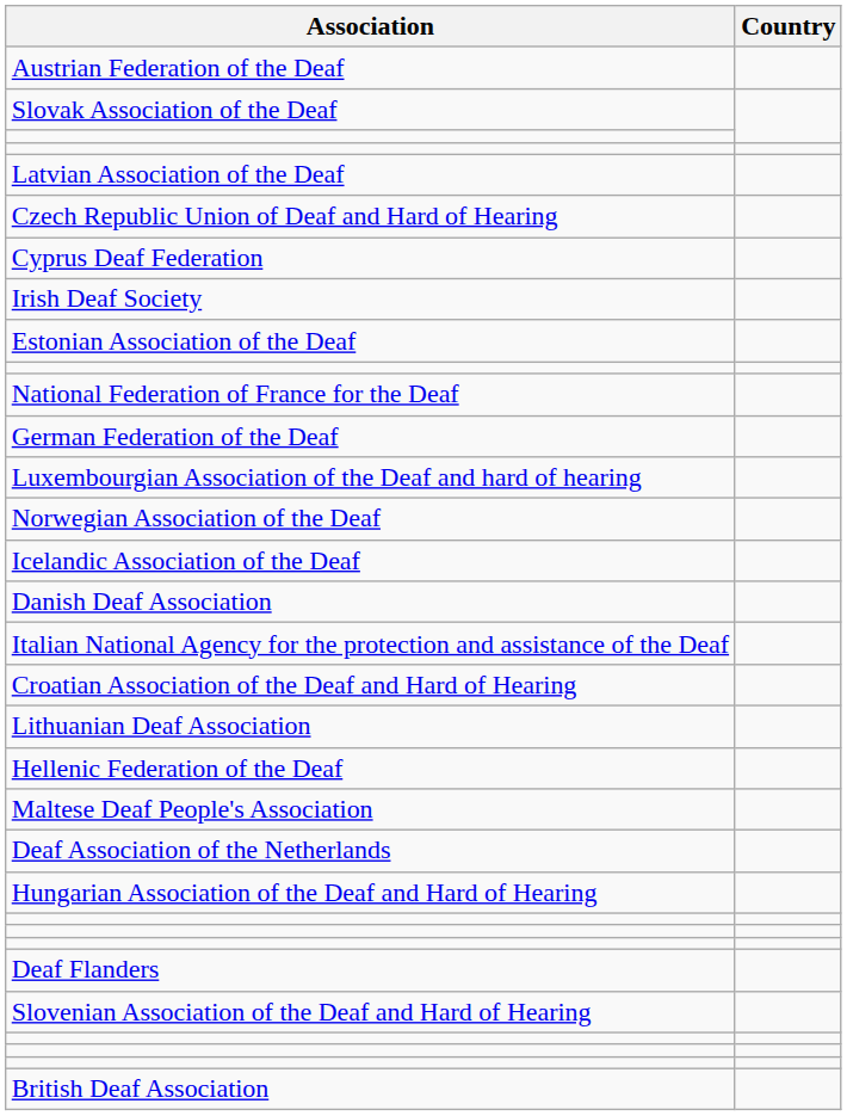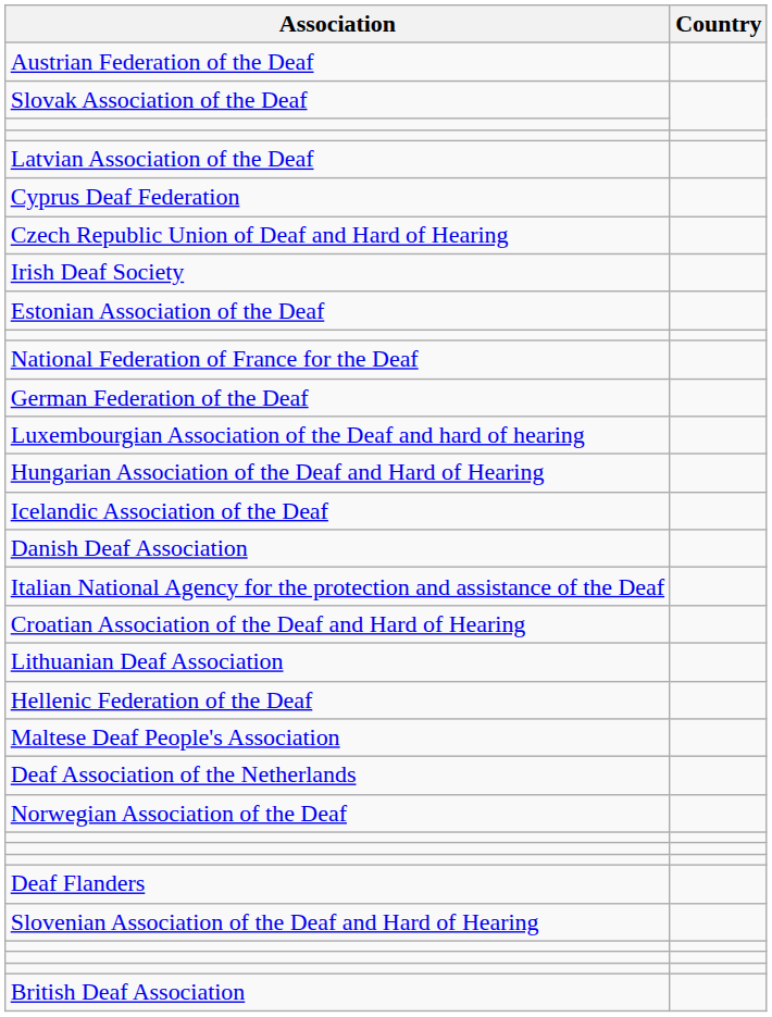 <table class="wikitable sortable">
 <tr>
 <th>Association</th>
 <th>Country</th>
 </tr>
 <tr>
 <td><a href='#'>Austrian Federation of the Deaf</a></td>
 <td></td>
 </tr>
 <tr>
 <td><a href='#'>Slovak Association of the Deaf</a></td>
 <td rowspan="2"></td>
 </tr>
 <tr>
 <td></td>
 </tr>
 <tr>
 <td></td>
 <td></td>
 </tr>
 <tr>
 <td><a href='#'>Latvian Association of the Deaf</a></td>
 <td></td>
 </tr>
 <tr>
-<td><a href='#'>Czech Republic Union of Deaf and Hard of Hearing</a></td>
+<td><a href='#'>Cyprus Deaf Federation</a></td>
 <td></td>
 </tr>
 <tr>
-<td><a href='#'>Cyprus Deaf Federation</a></td>
+<td><a href='#'>Czech Republic Union of Deaf and Hard of Hearing</a></td>
 <td></td>
 </tr>
 <tr>
 <td><a href='#'>Irish Deaf Society</a></td>
 <td></td>
 </tr>
 <tr>
 <td><a href='#'>Estonian Association of the Deaf</a></td>
 <td></td>
 </tr>
 <tr>
 <td></td>
 <td></td>
 </tr>
 <tr>
 <td><a href='#'>National Federation of France for the Deaf</a></td>
 <td></td>
 </tr>
 <tr>
 <td><a href='#'>German Federation of the Deaf</a></td>
 <td></td>
 </tr>
 <tr>
 <td><a href='#'>Luxembourgian Association of the Deaf and hard of hearing</a></td>
 <td></td>
 </tr>
 <tr>
-<td><a href='#'>Norwegian Association of the Deaf</a></td>
+<td><a href='#'>Hungarian Association of the Deaf and Hard of Hearing</a></td>
 <td></td>
 </tr>
 <tr>
 <td><a href='#'>Icelandic Association of the Deaf</a></td>
 <td></td>
 </tr>
 <tr>
 <td><a href='#'>Danish Deaf Association</a></td>
 <td></td>
 </tr>
 <tr>
 <td><a href='#'>Italian National Agency for the protection and assistance of the Deaf</a></td>
 <td></td>
 </tr>
 <tr>
 <td><a href='#'>Croatian Association of the Deaf and Hard of Hearing</a></td>
 <td></td>
 </tr>
 <tr>
 <td><a href='#'>Lithuanian Deaf Association</a></td>
 <td></td>
 </tr>
 <tr>
 <td><a href='#'>Hellenic Federation of the Deaf</a></td>
 <td></td>
 </tr>
 <tr>
 <td><a href='#'>Maltese Deaf People's Association</a></td>
 <td></td>
 </tr>
 <tr>
 <td><a href='#'>Deaf Association of the Netherlands</a></td>
 <td></td>
 </tr>
 <tr>
-<td><a href='#'>Hungarian Association of the Deaf and Hard of Hearing</a></td>
+<td><a href='#'>Norwegian Association of the Deaf</a></td>
 <td></td>
 </tr>
 <tr>
 <td></td>
 <td></td>
 </tr>
 <tr>
 <td></td>
 <td></td>
 </tr>
 <tr>
 <td></td>
 <td></td>
 </tr>
 <tr>
 <td><a href='#'>Deaf Flanders</a></td>
 <td></td>
 </tr>
 <tr>
 <td><a href='#'>Slovenian Association of the Deaf and Hard of Hearing</a></td>
 <td></td>
 </tr>
 <tr>
 <td></td>
 <td></td>
 </tr>
 <tr>
 <td></td>
 <td></td>
 </tr>
 <tr>
 <td></td>
 <td></td>
 </tr>
 <tr>
 <td><a href='#'>British Deaf Association</a></td>
 <td></td>
 </tr>
 </table>
